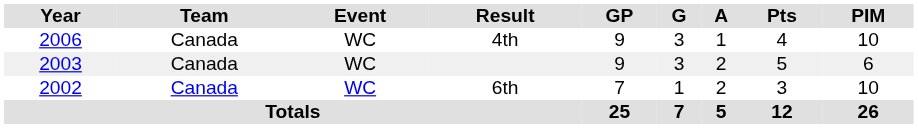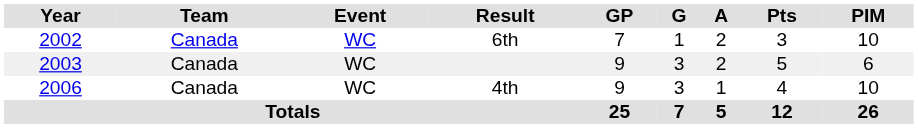 <table border="0" cellpadding="1" cellspacing="0" style="text-align:center; width:60%">
 <tr style="background:#e0e0e0;">
 <th>Year</th>
 <th>Team</th>
 <th>Event</th>
 <th>Result</th>
 <th>GP</th>
 <th>G</th>
 <th>A</th>
 <th>Pts</th>
 <th>PIM</th>
 </tr>
 <tr>
-<td><a href='#'>2006</a></td>
-<td>Canada</td>
-<td>WC</td>
-<td>4th</td>
-<td>9</td>
+<td><a href='#'>2002</a></td>
+<td><a href='#'>Canada</a></td>
+<td><a href='#'>WC</a></td>
+<td>6th</td>
+<td>7</td>
+<td>1</td>
+<td>2</td>
 <td>3</td>
-<td>1</td>
-<td>4</td>
 <td>10</td>
 </tr>
 <tr bgcolor="#f0f0f0">
 <td><a href='#'>2003</a></td>
 <td>Canada</td>
 <td>WC</td>
 <td></td>
 <td>9</td>
 <td>3</td>
 <td>2</td>
 <td>5</td>
 <td>6</td>
 </tr>
 <tr>
-<td><a href='#'>2002</a></td>
-<td><a href='#'>Canada</a></td>
-<td><a href='#'>WC</a></td>
-<td>6th</td>
-<td>7</td>
+<td><a href='#'>2006</a></td>
+<td>Canada</td>
+<td>WC</td>
+<td>4th</td>
+<td>9</td>
+<td>3</td>
 <td>1</td>
-<td>2</td>
-<td>3</td>
+<td>4</td>
 <td>10</td>
 </tr>
 <tr bgcolor="#e0e0e0">
 <th colspan="4">Totals</th>
 <th>25</th>
 <th>7</th>
 <th>5</th>
 <th>12</th>
 <th>26</th>
 </tr>
 </table>
